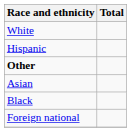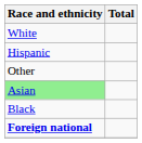 <table class="wikitable floatright sortable collapsible"; text-align:right; font-size:80%;">
 <tr>
 <th>Race and ethnicity</th>
 <th colspan="2" data-sort-type=number>Total</th>
 </tr>
 <tr>
 <td><a href='#'>White</a></td>
 <td style="text-align:right"></td>
 </tr>
 <tr>
 <td><a href='#'>Hispanic</a></td>
 <td style="text-align:right"></td>
 </tr>
 <tr>
-<td><strong>Other</strong></td>
+<td>Other</td>
 <td style="text-align:right"></td>
 </tr>
 <tr>
-<td><a href='#'>Asian</a></td>
+<td style="background: lightgreen;"><a href='#'>Asian</a></td>
 <td style="text-align:right"></td>
 </tr>
 <tr>
 <td><a href='#'>Black</a></td>
 <td style="text-align:right"></td>
 </tr>
 <tr>
-<td><a href='#'>Foreign national</a></td>
+<td><strong><a href='#'>Foreign national</a></strong></td>
 <td style="text-align:right"></td>
 </tr>
 <tr>
 </tr>
 </table>
